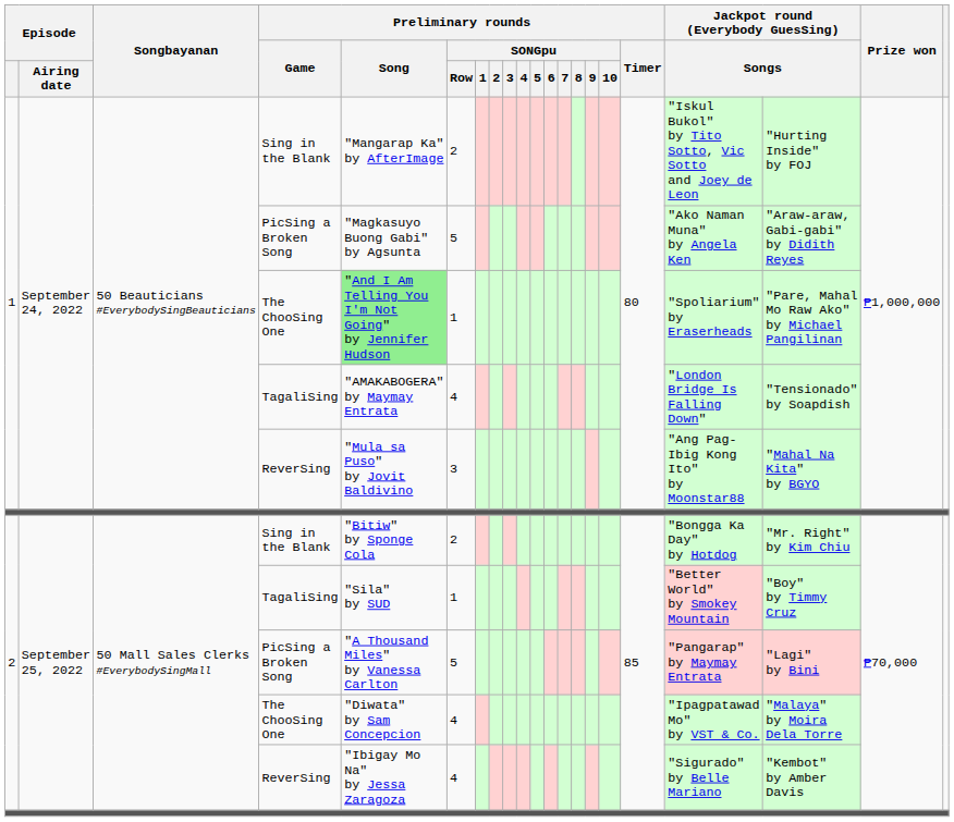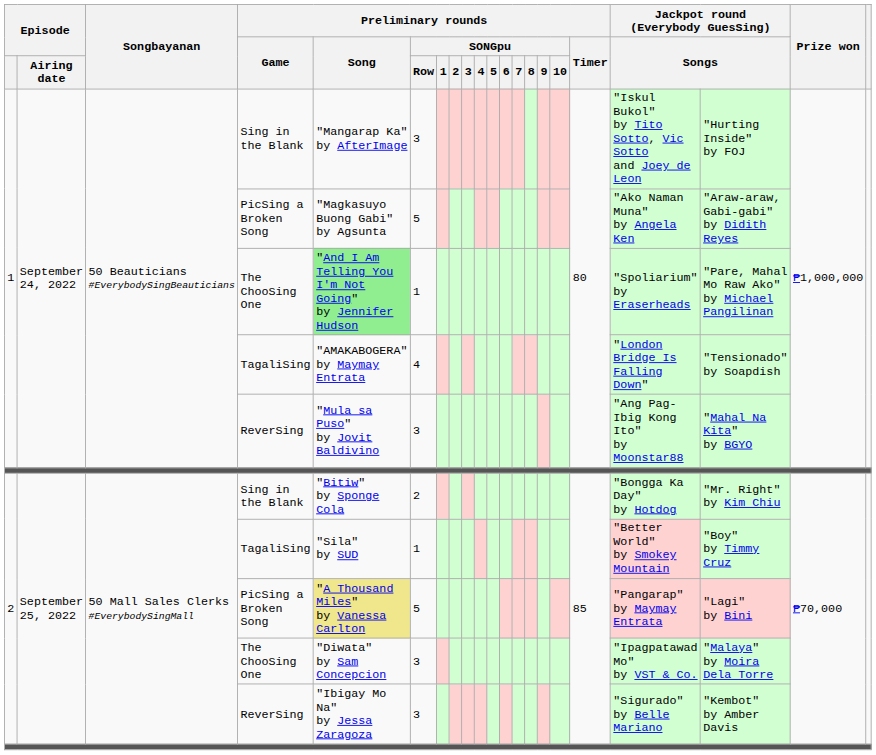 <table class="wikitable plainrowheaders mw-collapsible ">
 <tr>
 <th colspan="2" rowspan="2">Episode</th>
 <th rowspan="3">Songbayanan</th>
 <th colspan="14">Preliminary rounds</th>
 <th colspan="2">Jackpot round<br>(Everybody GuesSing)</th>
 <th rowspan="3">Prize won</th>
 <th rowspan="3"></th>
 </tr>
 <tr>
 <th rowspan="2">Game</th>
 <th rowspan="2">Song</th>
 <th colspan="11">SONGpu</th>
 <th rowspan="2">Timer</th>
 <th colspan="2" rowspan="2">Songs</th>
 </tr>
 <tr>
 <th></th>
 <th>Airing date</th>
 <th>Row</th>
 <th>1</th>
 <th>2</th>
 <th>3</th>
 <th>4</th>
 <th>5</th>
 <th>6</th>
 <th>7</th>
 <th>8</th>
 <th>9</th>
 <th>10</th>
 </tr>
 <tr>
 <td rowspan="5">1</td>
 <td rowspan="5">September 24, 2022</td>
 <td rowspan="5">50 Beauticians<br><small><em>#EverybodySingBeauticians</em></small></td>
 <td>Sing in the Blank</td>
 <td>"Mangarap Ka"<br>by <a href='#'>AfterImage</a></td>
-<td>2</td>
+<td>3</td>
 <td style="background:#FFD2D2"></td>
 <td style="background:#FFD2D2"></td>
 <td style="background:#FFD2D2"></td>
 <td style="background:#FFD2D2"></td>
 <td style="background:#FFD2D2"></td>
 <td style="background:#FFD2D2"></td>
 <td style="background:#FFD2D2"></td>
 <td style="background:#D2FFD2"></td>
 <td style="background:#FFD2D2"></td>
 <td style="background:#FFD2D2"></td>
 <td rowspan="5">80 </td>
 <td style="background:#D2FFD2">"Iskul Bukol"<br>by <a href='#'>Tito Sotto</a>, <a href='#'>Vic Sotto</a><br> and <a href='#'>Joey de Leon</a></td>
 <td style="background:#D2FFD2">"Hurting Inside"<br>by FOJ</td>
 <td rowspan="5"><a href='#'>₱</a>1,000,000</td>
 <td rowspan="5"></td>
 </tr>
 <tr>
 <td>PicSing a Broken Song</td>
 <td>"Magkasuyo Buong Gabi"<br>by Agsunta</td>
 <td>5</td>
 <td style="background:#FFD2D2"></td>
 <td style="background:#D2FFD2"></td>
 <td style="background:#D2FFD2"></td>
 <td style="background:#FFD2D2"></td>
 <td style="background:#FFD2D2"></td>
 <td style="background:#D2FFD2"></td>
 <td style="background:#D2FFD2"></td>
 <td style="background:#D2FFD2"></td>
 <td style="background:#FFD2D2"></td>
 <td style="background:#FFD2D2"></td>
 <td style="background:#D2FFD2">"Ako Naman Muna"<br>by <a href='#'>Angela Ken</a></td>
 <td style="background:#D2FFD2">"Araw-araw, Gabi-gabi"<br>by <a href='#'>Didith Reyes</a></td>
 </tr>
 <tr>
 <td>The ChooSing One</td>
 <td style="background: lightgreen;">"<a href='#'>And I Am Telling You I'm Not Going</a>"<br>by <a href='#'>Jennifer Hudson</a></td>
 <td>1</td>
 <td style="background:#D2FFD2"></td>
 <td style="background:#D2FFD2"></td>
 <td style="background:#D2FFD2"></td>
 <td style="background:#D2FFD2"></td>
 <td style="background:#D2FFD2"></td>
 <td style="background:#D2FFD2"></td>
 <td style="background:#D2FFD2"></td>
 <td style="background:#D2FFD2"></td>
 <td style="background:#D2FFD2"></td>
 <td style="background:#D2FFD2"></td>
 <td style="background:#D2FFD2">"Spoliarium"<br>by <a href='#'>Eraserheads</a></td>
 <td style="background:#D2FFD2">"Pare, Mahal Mo Raw Ako"<br>by <a href='#'>Michael Pangilinan</a></td>
 </tr>
 <tr>
 <td>TagaliSing</td>
 <td>"AMAKABOGERA"<br>by <a href='#'>Maymay Entrata</a></td>
 <td>4</td>
 <td style="background:#FFD2D2"></td>
 <td style="background:#D2FFD2"></td>
 <td style="background:#FFD2D2"></td>
 <td style="background:#D2FFD2"></td>
 <td style="background:#D2FFD2"></td>
 <td style="background:#D2FFD2"></td>
 <td style="background:#FFD2D2"></td>
 <td style="background:#FFD2D2"></td>
 <td style="background:#D2FFD2"></td>
 <td style="background:#D2FFD2"></td>
 <td style="background:#D2FFD2">"<a href='#'>London Bridge Is Falling Down</a>"</td>
 <td style="background:#D2FFD2">"Tensionado"<br>by Soapdish</td>
 </tr>
 <tr>
 <td>ReverSing</td>
 <td>"<a href='#'>Mula sa Puso</a>"<br>by <a href='#'>Jovit Baldivino</a></td>
 <td>3</td>
 <td style="background:#D2FFD2"></td>
 <td style="background:#D2FFD2"></td>
 <td style="background:#D2FFD2"></td>
 <td style="background:#D2FFD2"></td>
 <td style="background:#D2FFD2"></td>
 <td style="background:#D2FFD2"></td>
 <td style="background:#D2FFD2"></td>
 <td style="background:#D2FFD2"></td>
 <td style="background:#FFD2D2"></td>
 <td style="background:#D2FFD2"></td>
 <td style="background:#D2FFD2">"Ang Pag-Ibig Kong Ito"<br>by <a href='#'>Moonstar88</a></td>
 <td style="background:#D2FFD2">"<a href='#'>Mahal Na Kita</a>"<br>by <a href='#'>BGYO</a></td>
 </tr>
 <tr>
 <th colspan="21" style="background:#555;"></th>
 </tr>
 <tr>
 <td rowspan="5">2</td>
 <td rowspan="5">September 25, 2022</td>
 <td rowspan="5">50 Mall Sales Clerks<br><small><em>#EverybodySingMall</em></small></td>
 <td>Sing in the Blank</td>
 <td>"<a href='#'>Bitiw</a>"<br>by <a href='#'>Sponge Cola</a></td>
 <td>2</td>
 <td style="background:#FFD2D2"></td>
 <td style="background:#D2FFD2"></td>
 <td style="background:#FFD2D2"></td>
 <td style="background:#D2FFD2"></td>
 <td style="background:#D2FFD2"></td>
 <td style="background:#D2FFD2"></td>
 <td style="background:#D2FFD2"></td>
 <td style="background:#D2FFD2"></td>
 <td style="background:#D2FFD2"></td>
 <td style="background:#D2FFD2"></td>
 <td rowspan="5">85 </td>
 <td style="background:#D2FFD2">"Bongga Ka Day"<br>by <a href='#'>Hotdog</a></td>
 <td style="background:#D2FFD2">"Mr. Right"<br>by <a href='#'>Kim Chiu</a></td>
 <td rowspan="5"><a href='#'>₱</a>70,000</td>
 <td rowspan="5"></td>
 </tr>
 <tr>
 <td>TagaliSing</td>
 <td>"Sila"<br>by <a href='#'>SUD</a></td>
 <td>1</td>
 <td style="background:#D2FFD2"></td>
 <td style="background:#D2FFD2"></td>
 <td style="background:#D2FFD2"></td>
 <td style="background:#FFD2D2"></td>
 <td style="background:#D2FFD2"></td>
 <td style="background:#D2FFD2"></td>
 <td style="background:#FFD2D2"></td>
 <td style="background:#FFD2D2"></td>
 <td style="background:#D2FFD2"></td>
 <td style="background:#D2FFD2"></td>
 <td style="background:#FFD2D2">"Better World"<br>by <a href='#'>Smokey Mountain</a></td>
 <td style="background:#D2FFD2">"Boy"<br>by <a href='#'>Timmy Cruz</a></td>
 </tr>
 <tr>
 <td>PicSing a Broken Song</td>
-<td>"<a href='#'>A Thousand Miles</a>"<br>by <a href='#'>Vanessa Carlton</a></td>
+<td style="background: khaki;">"<a href='#'>A Thousand Miles</a>"<br>by <a href='#'>Vanessa Carlton</a></td>
 <td>5</td>
 <td style="background:#D2FFD2"></td>
 <td style="background:#D2FFD2"></td>
 <td style="background:#D2FFD2"></td>
 <td style="background:#D2FFD2"></td>
 <td style="background:#D2FFD2"></td>
 <td style="background:#FFD2D2"></td>
 <td style="background:#FFD2D2"></td>
 <td style="background:#FFD2D2"></td>
 <td style="background:#D2FFD2"></td>
 <td style="background:#FFD2D2"></td>
 <td style="background:#FFD2D2">"Pangarap"<br>by <a href='#'>Maymay Entrata</a></td>
 <td style="background:#FFD2D2">"Lagi"<br>by <a href='#'>Bini</a></td>
 </tr>
 <tr>
 <td>The ChooSing One</td>
 <td>"Diwata"<br>by <a href='#'>Sam Concepcion</a></td>
-<td>4</td>
+<td>3</td>
 <td style="background:#FFD2D2"></td>
 <td style="background:#D2FFD2"></td>
 <td style="background:#D2FFD2"></td>
 <td style="background:#D2FFD2"></td>
 <td style="background:#D2FFD2"></td>
 <td style="background:#D2FFD2"></td>
 <td style="background:#D2FFD2"></td>
 <td style="background:#D2FFD2"></td>
 <td style="background:#D2FFD2"></td>
 <td style="background:#D2FFD2"></td>
 <td style="background:#D2FFD2">"Ipagpatawad Mo"<br>by <a href='#'>VST & Co.</a></td>
 <td style="background:#D2FFD2">"<a href='#'>Malaya</a>"<br>by <a href='#'>Moira Dela Torre</a></td>
 </tr>
 <tr>
 <td>ReverSing</td>
 <td>"Ibigay Mo Na"<br>by <a href='#'>Jessa Zaragoza</a></td>
-<td>4</td>
+<td>3</td>
 <td style="background:#D2FFD2"></td>
 <td style="background:#FFD2D2"></td>
 <td style="background:#FFD2D2"></td>
 <td style="background:#FFD2D2"></td>
 <td style="background:#D2FFD2"></td>
 <td style="background:#FFD2D2"></td>
 <td style="background:#D2FFD2"></td>
 <td style="background:#D2FFD2"></td>
 <td style="background:#FFD2D2"></td>
 <td style="background:#D2FFD2"></td>
 <td style="background:#D2FFD2">"Sigurado"<br>by <a href='#'>Belle Mariano</a></td>
 <td style="background:#D2FFD2">"Kembot"<br>by Amber Davis</td>
 </tr>
 <tr>
 <th colspan="21" style="background:#555;"></th>
 </tr>
 <tr>
 </tr>
 </table>
